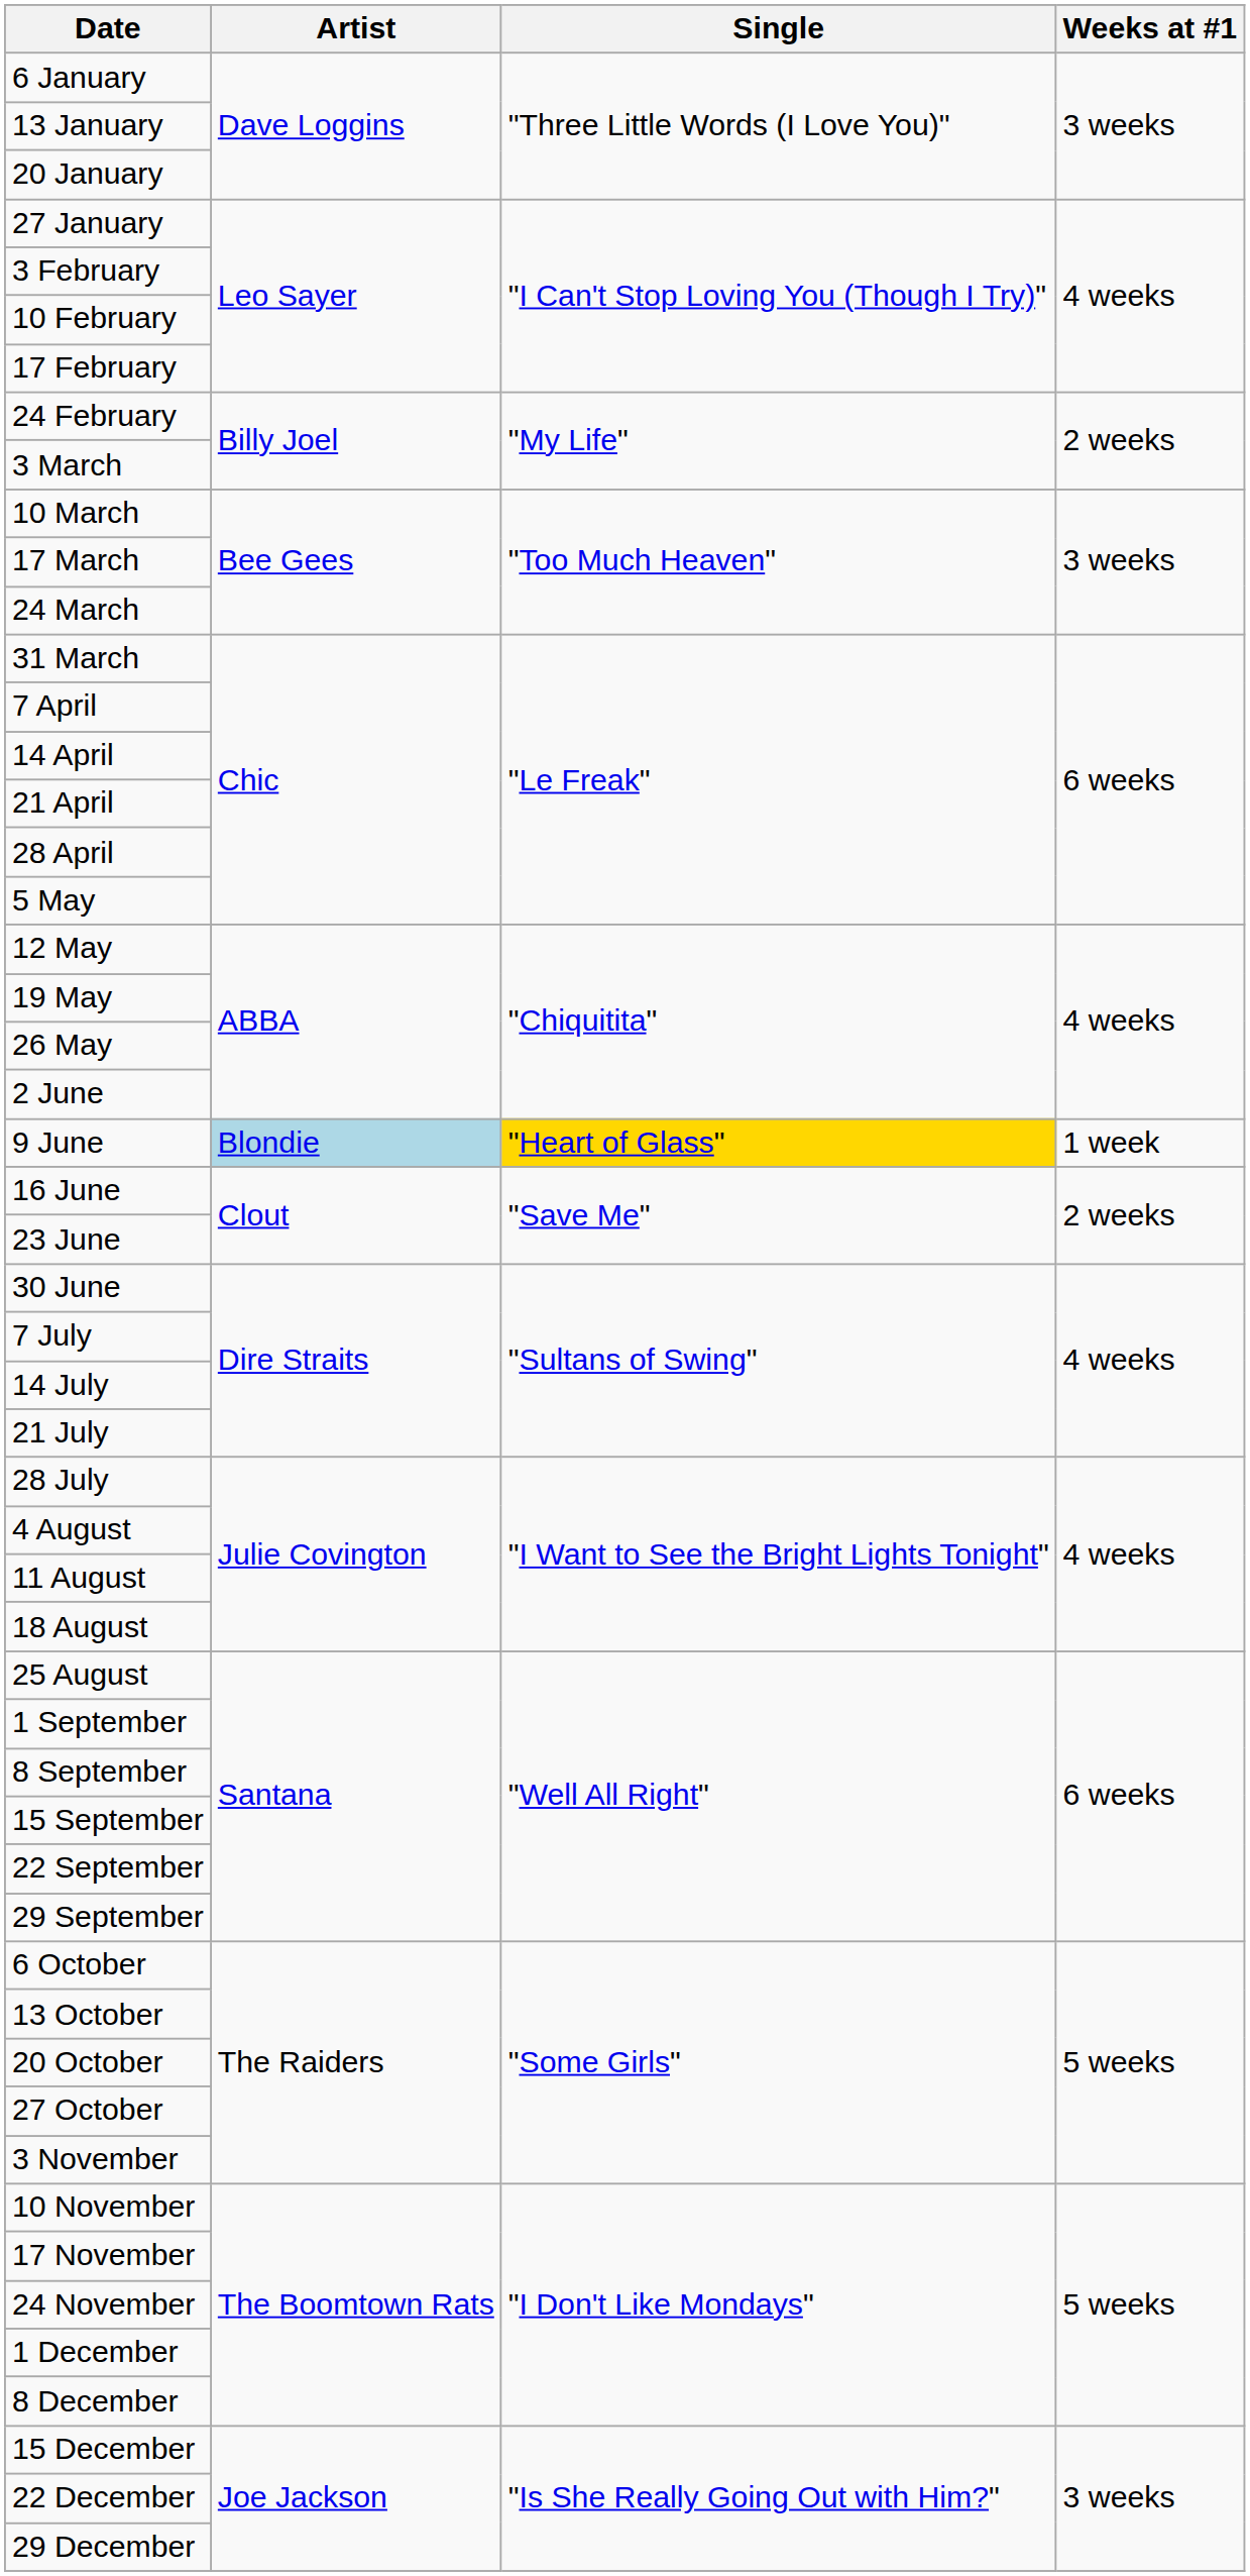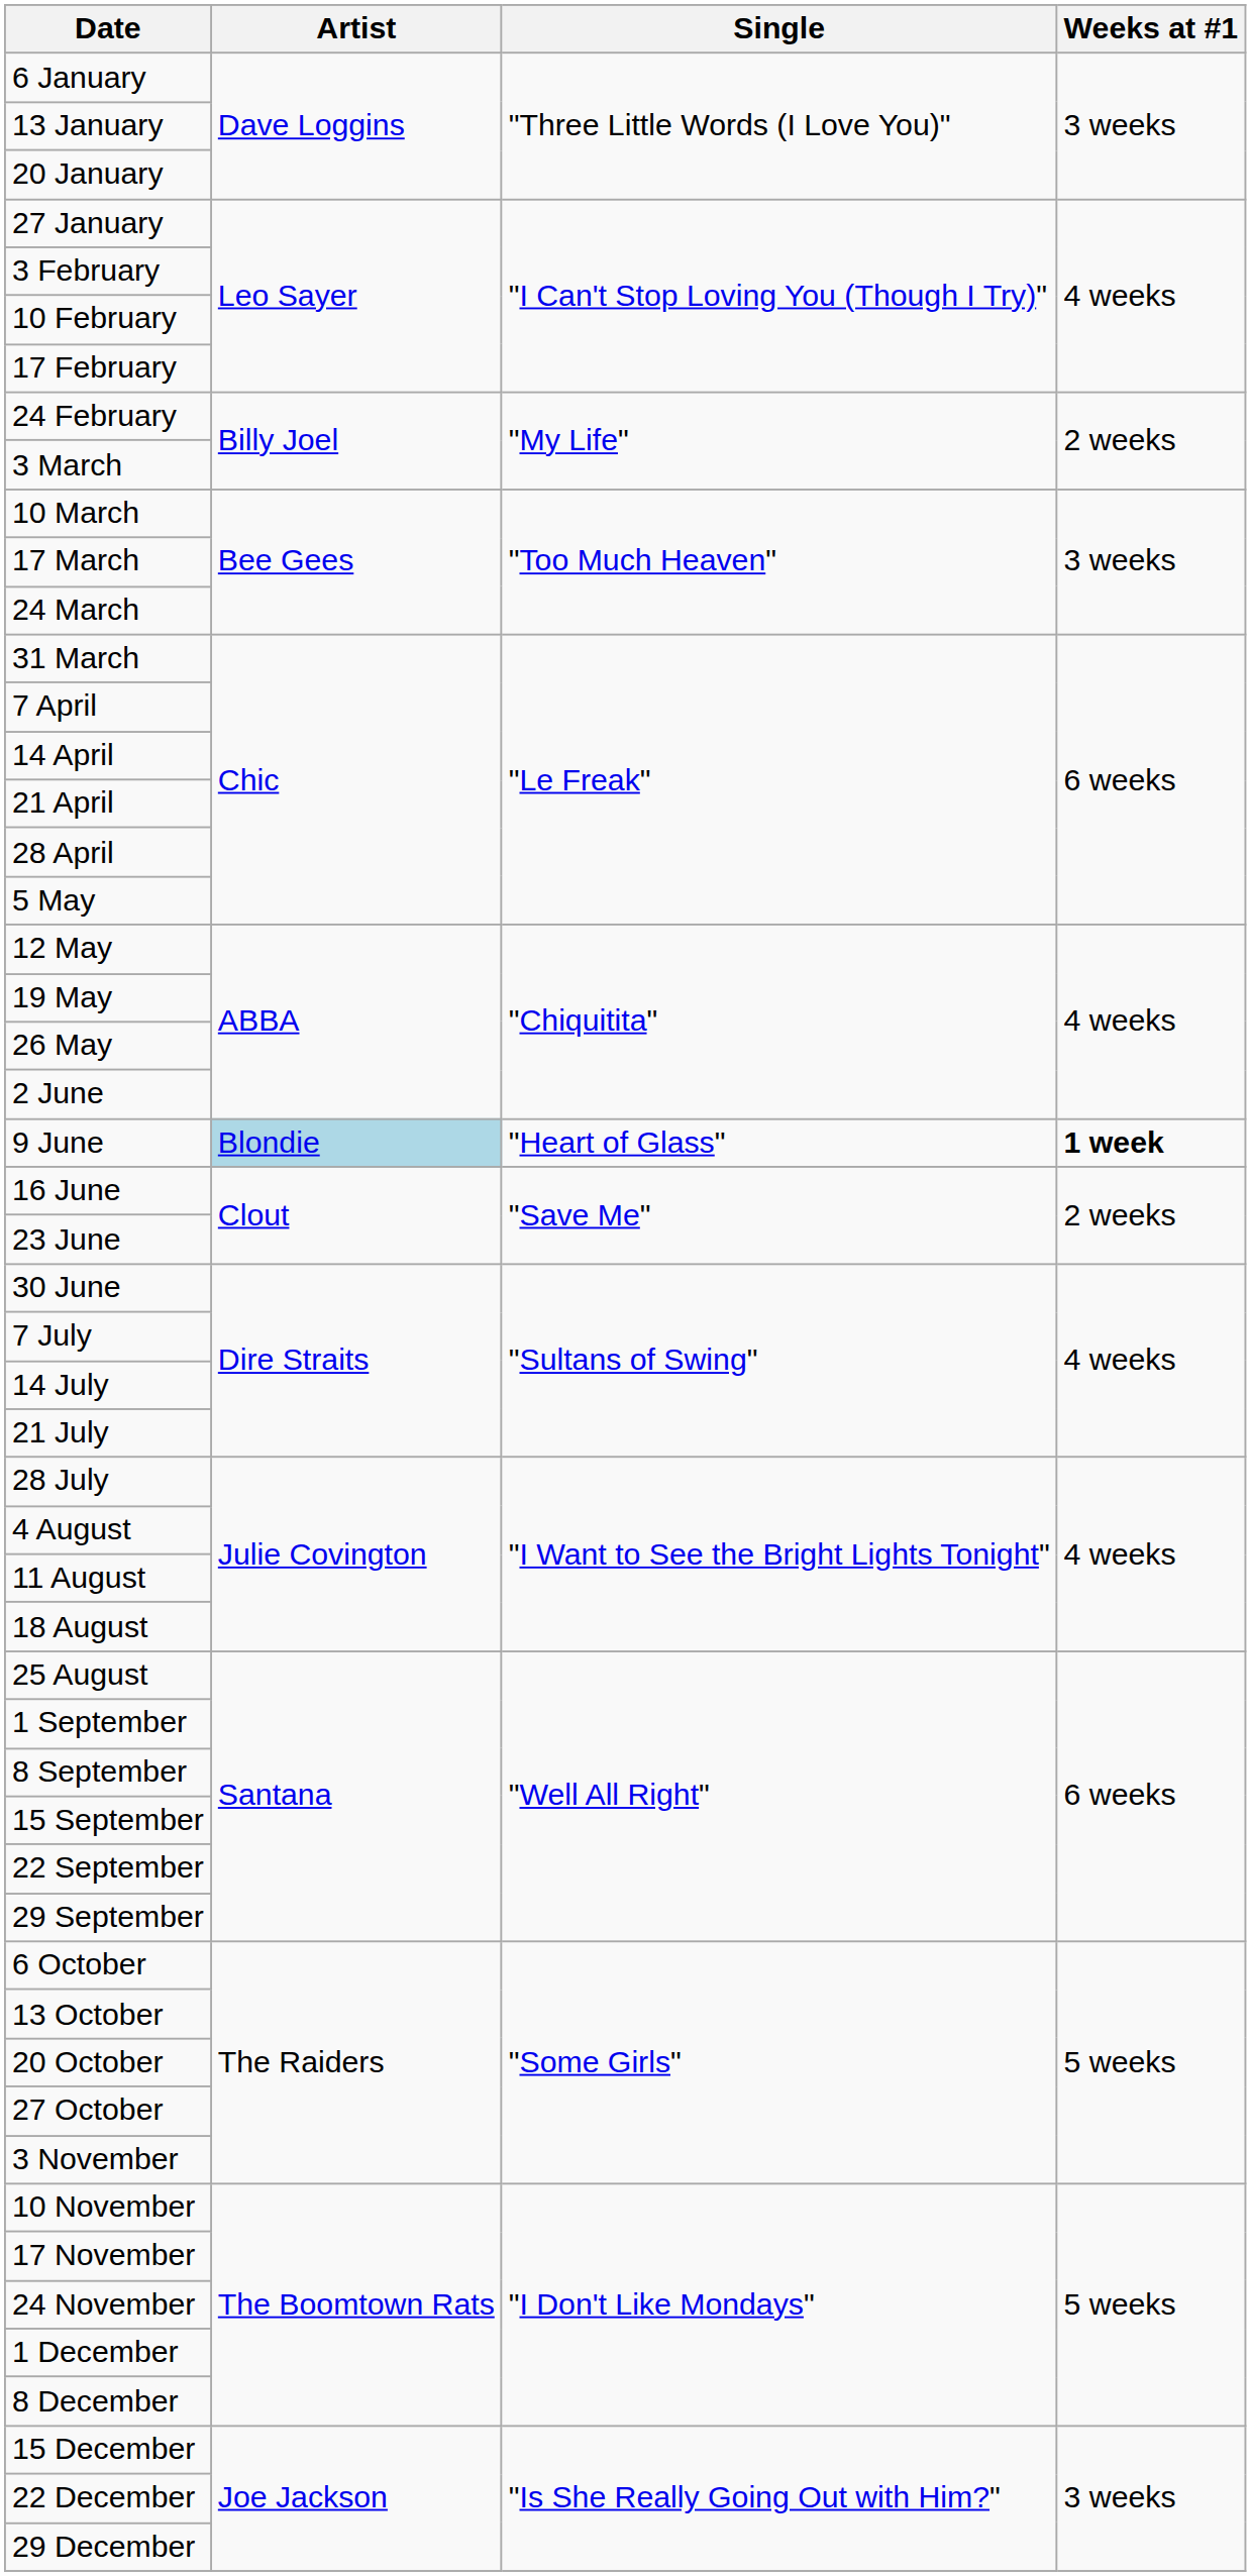 <table class="wikitable">
 <tr>
 <th>Date</th>
 <th>Artist</th>
 <th>Single</th>
 <th>Weeks at #1</th>
 </tr>
 <tr>
 <td>6 January</td>
 <td rowspan="3"><a href='#'>Dave Loggins</a></td>
 <td rowspan="3">"Three Little Words (I Love You)"</td>
 <td rowspan="3">3 weeks</td>
 </tr>
 <tr>
 <td>13 January</td>
 </tr>
 <tr>
 <td>20 January</td>
 </tr>
 <tr>
 <td>27 January</td>
 <td rowspan="4"><a href='#'>Leo Sayer</a></td>
 <td rowspan="4">"<a href='#'>I Can't Stop Loving You (Though I Try)</a>"</td>
 <td rowspan="4">4 weeks</td>
 </tr>
 <tr>
 <td>3 February</td>
 </tr>
 <tr>
 <td>10 February</td>
 </tr>
 <tr>
 <td>17 February</td>
 </tr>
 <tr>
 <td>24 February</td>
 <td rowspan="2"><a href='#'>Billy Joel</a></td>
 <td rowspan="2">"<a href='#'>My Life</a>"</td>
 <td rowspan="2">2 weeks</td>
 </tr>
 <tr>
 <td>3 March</td>
 </tr>
 <tr>
 <td>10 March</td>
 <td rowspan="3"><a href='#'>Bee Gees</a></td>
 <td rowspan="3">"<a href='#'>Too Much Heaven</a>"</td>
 <td rowspan="3">3 weeks</td>
 </tr>
 <tr>
 <td>17 March</td>
 </tr>
 <tr>
 <td>24 March</td>
 </tr>
 <tr>
 <td>31 March</td>
 <td rowspan="6"><a href='#'>Chic</a></td>
 <td rowspan="6">"<a href='#'>Le Freak</a>"</td>
 <td rowspan="6">6 weeks</td>
 </tr>
 <tr>
 <td>7 April</td>
 </tr>
 <tr>
 <td>14 April</td>
 </tr>
 <tr>
 <td>21 April</td>
 </tr>
 <tr>
 <td>28 April</td>
 </tr>
 <tr>
 <td>5 May</td>
 </tr>
 <tr>
 <td>12 May</td>
 <td rowspan="4"><a href='#'>ABBA</a></td>
 <td rowspan="4">"<a href='#'>Chiquitita</a>"</td>
 <td rowspan="4">4 weeks</td>
 </tr>
 <tr>
 <td>19 May</td>
 </tr>
 <tr>
 <td>26 May</td>
 </tr>
 <tr>
 <td>2 June</td>
 </tr>
 <tr>
 <td>9 June</td>
 <td style="background: lightblue;"><a href='#'>Blondie</a></td>
-<td style="background: gold;">"<a href='#'>Heart of Glass</a>"</td>
-<td>1 week</td>
+<td>"<a href='#'>Heart of Glass</a>"</td>
+<td><strong>1 week</strong></td>
 </tr>
 <tr>
 <td>16 June</td>
 <td rowspan="2"><a href='#'>Clout</a></td>
 <td rowspan="2">"<a href='#'>Save Me</a>"</td>
 <td rowspan="2">2 weeks</td>
 </tr>
 <tr>
 <td>23 June</td>
 </tr>
 <tr>
 <td>30 June</td>
 <td rowspan="4"><a href='#'>Dire Straits</a></td>
 <td rowspan="4">"<a href='#'>Sultans of Swing</a>"</td>
 <td rowspan="4">4 weeks</td>
 </tr>
 <tr>
 <td>7 July</td>
 </tr>
 <tr>
 <td>14 July</td>
 </tr>
 <tr>
 <td>21 July</td>
 </tr>
 <tr>
 <td>28 July</td>
 <td rowspan="4"><a href='#'>Julie Covington</a></td>
 <td rowspan="4">"<a href='#'>I Want to See the Bright Lights Tonight</a>"</td>
 <td rowspan="4">4 weeks</td>
 </tr>
 <tr>
 <td>4 August</td>
 </tr>
 <tr>
 <td>11 August</td>
 </tr>
 <tr>
 <td>18 August</td>
 </tr>
 <tr>
 <td>25 August</td>
 <td rowspan="6"><a href='#'>Santana</a></td>
 <td rowspan="6">"<a href='#'>Well All Right</a>"</td>
 <td rowspan="6">6 weeks</td>
 </tr>
 <tr>
 <td>1 September</td>
 </tr>
 <tr>
 <td>8 September</td>
 </tr>
 <tr>
 <td>15 September</td>
 </tr>
 <tr>
 <td>22 September</td>
 </tr>
 <tr>
 <td>29 September</td>
 </tr>
 <tr>
 <td>6 October</td>
 <td rowspan="5">The Raiders</td>
 <td rowspan="5">"<a href='#'>Some Girls</a>"</td>
 <td rowspan="5">5 weeks</td>
 </tr>
 <tr>
 <td>13 October</td>
 </tr>
 <tr>
 <td>20 October</td>
 </tr>
 <tr>
 <td>27 October</td>
 </tr>
 <tr>
 <td>3 November</td>
 </tr>
 <tr>
 <td>10 November</td>
 <td rowspan="5"><a href='#'>The Boomtown Rats</a></td>
 <td rowspan="5">"<a href='#'>I Don't Like Mondays</a>"</td>
 <td rowspan="5">5 weeks</td>
 </tr>
 <tr>
 <td>17 November</td>
 </tr>
 <tr>
 <td>24 November</td>
 </tr>
 <tr>
 <td>1 December</td>
 </tr>
 <tr>
 <td>8 December</td>
 </tr>
 <tr>
 <td>15 December</td>
 <td rowspan="3"><a href='#'>Joe Jackson</a></td>
 <td rowspan="3">"<a href='#'>Is She Really Going Out with Him?</a>"</td>
 <td rowspan="3">3 weeks</td>
 </tr>
 <tr>
 <td>22 December</td>
 </tr>
 <tr>
 <td>29 December</td>
 </tr>
 </table>
